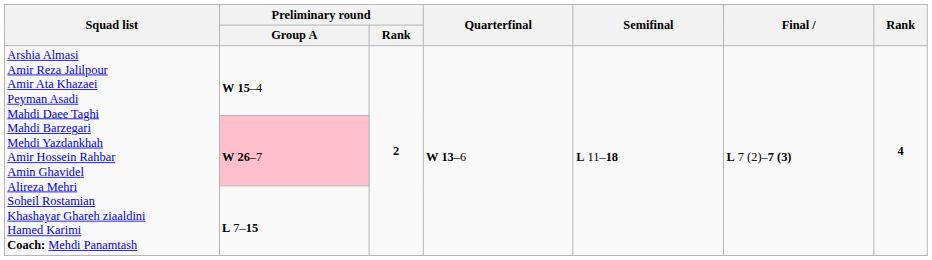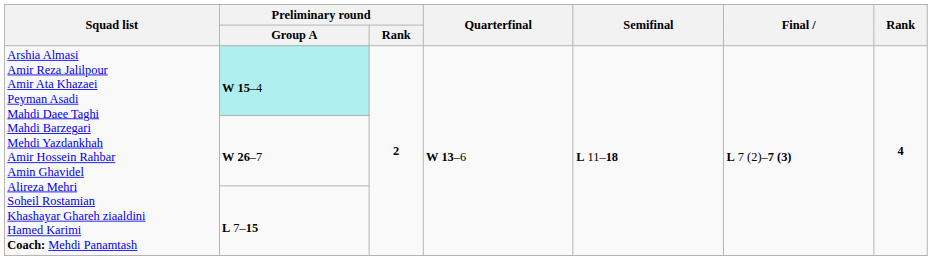 <table class="wikitable" width="85%" style="text-align:left; font-size:90%">
 <tr>
 <th rowspan="2" width="20%">Squad list</th>
 <th colspan="2">Preliminary round</th>
 <th rowspan="2" width="14%">Quarterfinal</th>
 <th rowspan="2" width="14%">Semifinal</th>
 <th rowspan="2" width="14%">Final / </th>
 <th rowspan="2" width="5%">Rank</th>
 </tr>
 <tr>
 <th width="14%">Group A</th>
 <th width="5%">Rank</th>
 </tr>
 <tr>
 <td rowspan="3"><a href='#'>Arshia Almasi</a><br><a href='#'>Amir Reza Jalilpour</a><br><a href='#'>Amir Ata Khazaei</a><br><a href='#'>Peyman Asadi</a><br><a href='#'>Mahdi Daee Taghi</a><br><a href='#'>Mahdi Barzegari</a><br><a href='#'>Mehdi Yazdankhah</a><br><a href='#'>Amir Hossein Rahbar</a><br><a href='#'>Amin Ghavidel</a><br><a href='#'>Alireza Mehri</a><br><a href='#'>Soheil Rostamian</a><br><a href='#'>Khashayar Ghareh ziaaldini</a><br><a href='#'>Hamed Karimi</a><br> <strong>Coach:</strong>  <a href='#'>Mehdi Panamtash</a></td>
-<td><br><strong>W</strong> <strong>15</strong>–4</td>
+<td style="background: paleturquoise;"><br><strong>W</strong> <strong>15</strong>–4</td>
 <td rowspan="3" align=center><strong>2</strong> <strong></strong></td>
 <td rowspan="3"><br><strong>W</strong> <strong>13</strong>–6</td>
 <td rowspan="3"><br><strong>L</strong> 11–<strong>18</strong></td>
 <td rowspan="3"><br><strong>L</strong> 7 (2)–<strong>7 (3)</strong></td>
 <td rowspan="3" align="center"><strong>4</strong></td>
 </tr>
 <tr>
-<td style="background: pink;"><br><strong>W</strong> <strong>26</strong>–7</td>
+<td><br><strong>W</strong> <strong>26</strong>–7</td>
 </tr>
 <tr>
 <td><br><strong>L</strong> 7–<strong>15</strong></td>
 </tr>
 </table>
